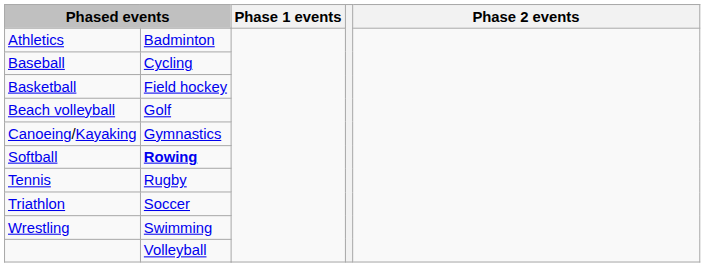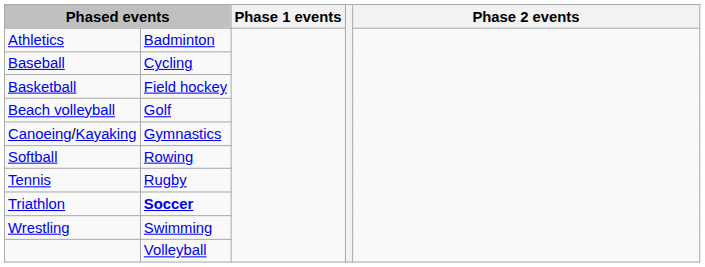 <table class=wikitable style="text-align:left; font-size:90%;">
 <tr>
 <th colspan=3 style="background:silver;">Phased events</th>
 <th>Phase 1 events</th>
 <th width=1% rowspan=20 bgcolor=ffffff></th>
 <th width=50%>Phase 2 events</th>
 </tr>
 <tr>
 <td><a href='#'>Athletics</a></td>
 <td><a href='#'>Badminton</a></td>
 </tr>
 <tr>
 <td><a href='#'>Baseball</a></td>
 <td><a href='#'>Cycling</a></td>
 </tr>
 <tr>
 <td><a href='#'>Basketball</a></td>
 <td><a href='#'>Field hockey</a></td>
 </tr>
 <tr>
 <td><a href='#'>Beach volleyball</a></td>
 <td><a href='#'>Golf</a></td>
 </tr>
 <tr>
 <td><a href='#'>Canoeing</a>/<a href='#'>Kayaking</a></td>
 <td><a href='#'>Gymnastics</a></td>
 </tr>
 <tr>
 <td><a href='#'>Softball</a></td>
-<td><strong><a href='#'>Rowing</a></strong></td>
+<td><a href='#'>Rowing</a></td>
 </tr>
 <tr>
 <td><a href='#'>Tennis</a></td>
 <td><a href='#'>Rugby</a></td>
 </tr>
 <tr>
 <td><a href='#'>Triathlon</a></td>
-<td><a href='#'>Soccer</a></td>
+<td><strong><a href='#'>Soccer</a></strong></td>
 </tr>
 <tr>
 <td><a href='#'>Wrestling</a></td>
 <td><a href='#'>Swimming</a></td>
 </tr>
 <tr>
 <td></td>
 <td><a href='#'>Volleyball</a></td>
 </tr>
 </table>
